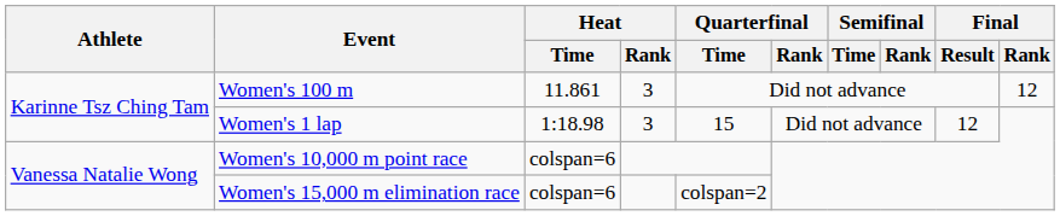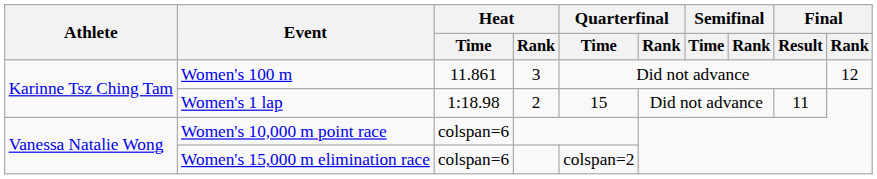 <table class=wikitable style=font-size:90%;text-align:center>
 <tr>
 <th rowspan=2>Athlete</th>
 <th rowspan=2>Event</th>
 <th colspan=2>Heat</th>
 <th colspan=2>Quarterfinal</th>
 <th colspan=2>Semifinal</th>
 <th colspan=2>Final</th>
 </tr>
 <tr style=font-size:95%>
 <th>Time</th>
 <th>Rank</th>
 <th>Time</th>
 <th>Rank</th>
 <th>Time</th>
 <th>Rank</th>
 <th>Result</th>
 <th>Rank</th>
 </tr>
 <tr>
 <td align=left rowspan=2><a href='#'>Karinne Tsz Ching Tam</a></td>
 <td align=left><a href='#'>Women's 100 m</a></td>
 <td>11.861</td>
 <td>3</td>
 <td colspan=5>Did not advance</td>
 <td>12</td>
 </tr>
 <tr>
 <td align=left><a href='#'>Women's 1 lap</a></td>
 <td>1:18.98</td>
-<td>3</td>
+<td>2</td>
 <td>15</td>
 <td colspan=3>Did not advance</td>
-<td>12</td>
+<td>11</td>
 </tr>
 <tr>
 <td align=left rowspan=2><a href='#'>Vanessa Natalie Wong</a></td>
 <td align=left><a href='#'>Women's 10,000 m point race</a></td>
 <td>colspan=6 </td>
 <td colspan=2></td>
 </tr>
 <tr>
 <td align=left><a href='#'>Women's 15,000 m elimination race</a></td>
 <td>colspan=6 </td>
 <td></td>
 <td>colspan=2 </td>
 </tr>
 </table>
